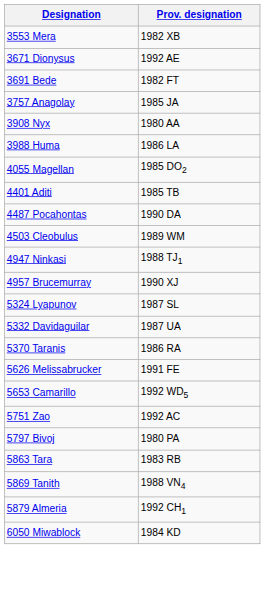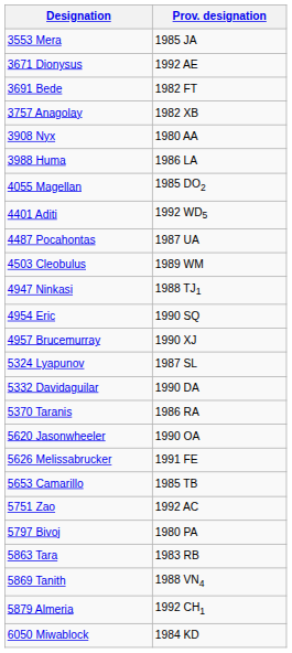 <table class="wikitable" style="font-size: 89%; float: left; width: 25em; margin-right: 1em; line-height: 1.65em !important; height: 675px;">
 <tr>
 <th align=left><a href='#'>Designation</a></th>
 <th align=left><a href='#'>Prov. designation</a></th>
 </tr>
 <tr>
 <td><a href='#'>3553 Mera</a></td>
-<td>1982 XB</td>
+<td>1985 JA</td>
 </tr>
 <tr>
 <td><a href='#'>3671 Dionysus</a></td>
 <td>1992 AE</td>
 </tr>
 <tr>
 <td><a href='#'>3691 Bede</a></td>
 <td>1982 FT</td>
 </tr>
 <tr>
 <td><a href='#'>3757 Anagolay</a></td>
-<td>1985 JA</td>
+<td>1982 XB</td>
 </tr>
 <tr>
 <td><a href='#'>3908 Nyx</a></td>
 <td>1980 AA</td>
 </tr>
 <tr>
 <td><a href='#'>3988 Huma</a></td>
 <td>1986 LA</td>
 </tr>
 <tr>
 <td><a href='#'>4055 Magellan</a></td>
 <td>1985 DO<sub>2</sub></td>
 </tr>
 <tr>
 <td><a href='#'>4401 Aditi</a></td>
-<td>1985 TB</td>
+<td>1992 WD<sub>5</sub></td>
 </tr>
 <tr>
 <td><a href='#'>4487 Pocahontas</a></td>
-<td>1990 DA</td>
+<td>1987 UA</td>
 </tr>
 <tr>
 <td><a href='#'>4503 Cleobulus</a></td>
 <td>1989 WM</td>
 </tr>
 <tr>
 <td><a href='#'>4947 Ninkasi</a></td>
 <td>1988 TJ<sub>1</sub></td>
+</tr>
+<tr>
+<td><a href='#'>4954 Eric</a></td>
+<td>1990 SQ</td>
 </tr>
 <tr>
 <td><a href='#'>4957 Brucemurray</a></td>
 <td>1990 XJ</td>
 </tr>
 <tr>
 <td><a href='#'>5324 Lyapunov</a></td>
 <td>1987 SL</td>
 </tr>
 <tr>
 <td><a href='#'>5332 Davidaguilar</a></td>
-<td>1987 UA</td>
+<td>1990 DA</td>
 </tr>
 <tr>
 <td><a href='#'>5370 Taranis</a></td>
 <td>1986 RA</td>
+</tr>
+<tr>
+<td><a href='#'>5620 Jasonwheeler</a></td>
+<td>1990 OA</td>
 </tr>
 <tr>
 <td><a href='#'>5626 Melissabrucker</a></td>
 <td>1991 FE</td>
 </tr>
 <tr>
 <td><a href='#'>5653 Camarillo</a></td>
-<td>1992 WD<sub>5</sub></td>
+<td>1985 TB</td>
 </tr>
 <tr>
 <td><a href='#'>5751 Zao</a></td>
 <td>1992 AC</td>
 </tr>
 <tr>
 <td><a href='#'>5797 Bivoj</a></td>
 <td>1980 PA</td>
 </tr>
 <tr>
 <td><a href='#'>5863 Tara</a></td>
 <td>1983 RB</td>
 </tr>
 <tr>
 <td><a href='#'>5869 Tanith</a></td>
 <td>1988 VN<sub>4</sub></td>
 </tr>
 <tr>
 <td><a href='#'>5879 Almeria</a></td>
 <td>1992 CH<sub>1</sub></td>
 </tr>
 <tr>
 <td><a href='#'>6050 Miwablock</a></td>
 <td>1984 KD</td>
 </tr>
 </table>
